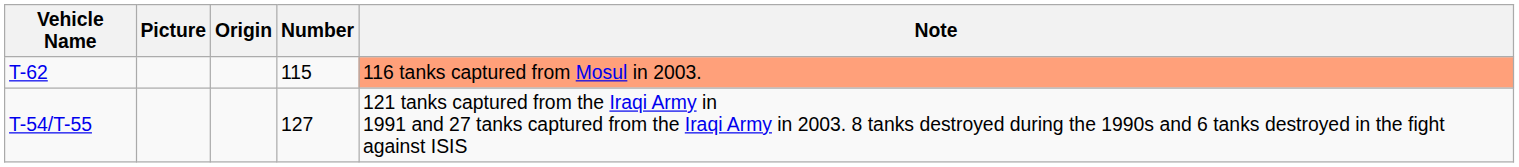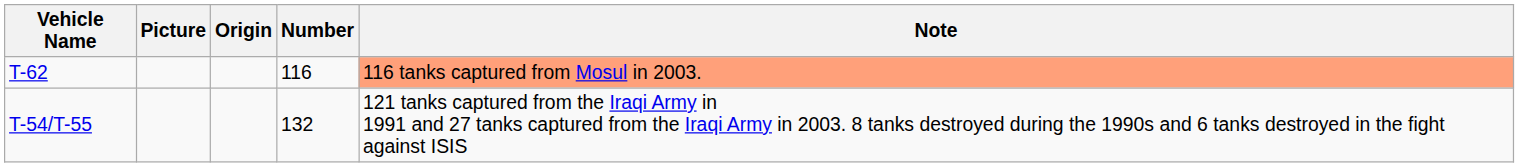 <table class="wikitable">
 <tr>
 <th>Vehicle Name</th>
 <th>Picture</th>
 <th>Origin</th>
 <th>Number</th>
 <th>Note</th>
 </tr>
 <tr>
 <td><a href='#'>T-62</a></td>
 <td></td>
 <td></td>
-<td>115</td>
+<td>116</td>
 <td style="background: lightsalmon;">116 tanks captured from <a href='#'>Mosul</a> in 2003.</td>
 </tr>
 <tr>
 <td><a href='#'>T-54/T-55</a></td>
 <td></td>
 <td></td>
-<td>127</td>
+<td>132</td>
 <td>121 tanks captured from the <a href='#'>Iraqi Army</a> in<br>1991 and 27 tanks captured from the <a href='#'>Iraqi Army</a> in 2003. 8 tanks destroyed during the 1990s and 6 tanks destroyed in the fight against ISIS</td>
 </tr>
 </table>
